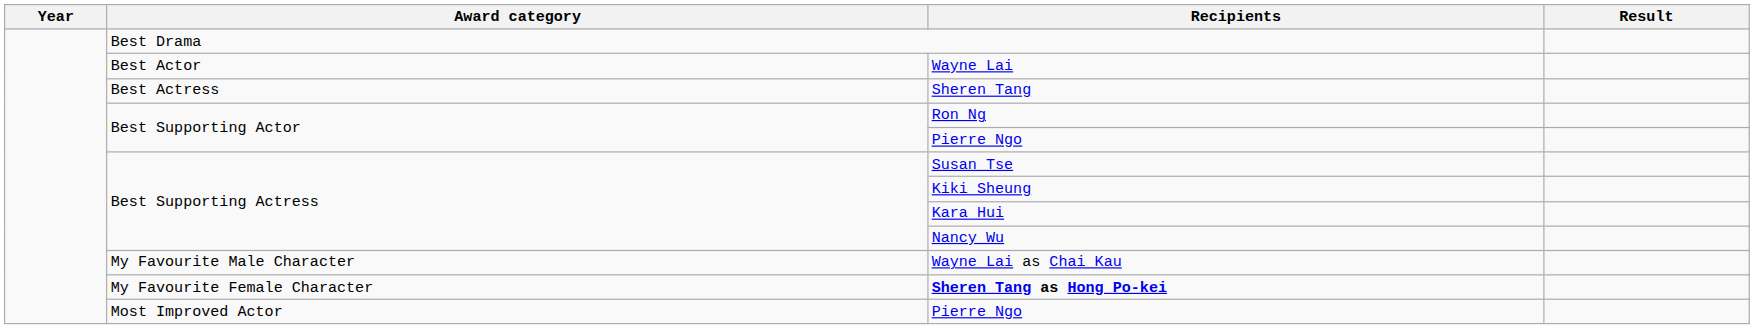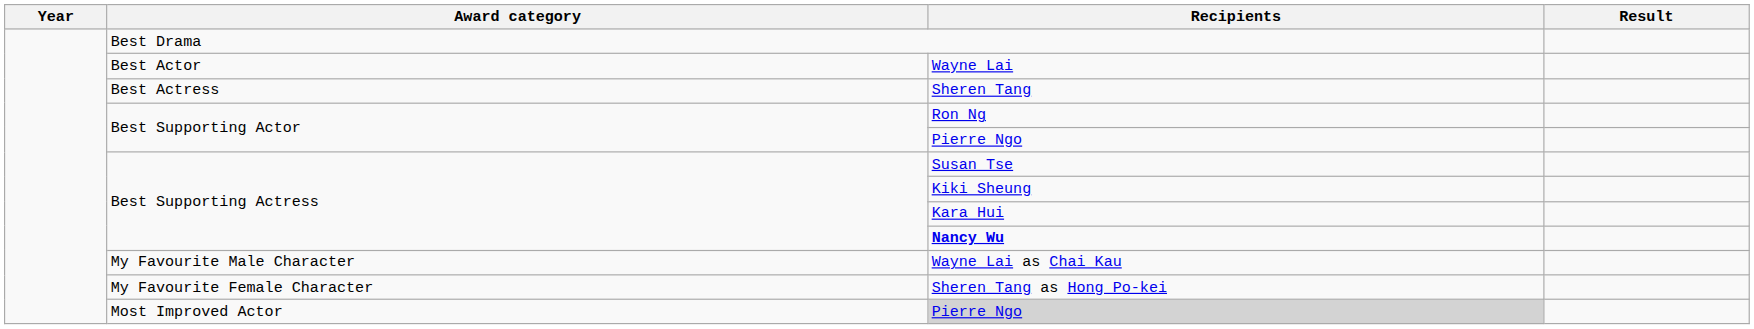 <table class="wikitable" width="95%" cellpadding="5">
 <tr>
 <th width="5%">Year</th>
 <th width="40%">Award category</th>
 <th width="30%">Recipients</th>
 <th width="10%">Result</th>
 </tr>
 <tr>
 <td rowspan="12"></td>
 <td colspan="2">Best Drama</td>
 <td></td>
 </tr>
 <tr>
 <td>Best Actor</td>
 <td><a href='#'>Wayne Lai</a></td>
 <td></td>
 </tr>
 <tr>
 <td>Best Actress</td>
 <td><a href='#'>Sheren Tang</a></td>
 <td></td>
 </tr>
 <tr>
 <td rowspan="2">Best Supporting Actor</td>
 <td><a href='#'>Ron Ng</a></td>
 <td></td>
 </tr>
 <tr>
 <td><a href='#'>Pierre Ngo</a></td>
 <td></td>
 </tr>
 <tr>
 <td rowspan="4">Best Supporting Actress</td>
 <td><a href='#'>Susan Tse</a></td>
 <td></td>
 </tr>
 <tr>
 <td><a href='#'>Kiki Sheung</a></td>
 <td></td>
 </tr>
 <tr>
 <td><a href='#'>Kara Hui</a></td>
 <td></td>
 </tr>
 <tr>
-<td><a href='#'>Nancy Wu</a></td>
+<td><strong><a href='#'>Nancy Wu</a></strong></td>
 <td></td>
 </tr>
 <tr>
 <td>My Favourite Male Character</td>
 <td><a href='#'>Wayne Lai</a> as <a href='#'>Chai Kau</a></td>
 <td></td>
 </tr>
 <tr>
 <td>My Favourite Female Character</td>
-<td><strong><a href='#'>Sheren Tang</a> as <a href='#'>Hong Po-kei</a></strong></td>
+<td><a href='#'>Sheren Tang</a> as <a href='#'>Hong Po-kei</a></td>
 <td></td>
 </tr>
 <tr>
 <td>Most Improved Actor</td>
-<td><a href='#'>Pierre Ngo</a></td>
+<td style="background: lightgrey;"><a href='#'>Pierre Ngo</a></td>
 <td></td>
 </tr>
 </table>
